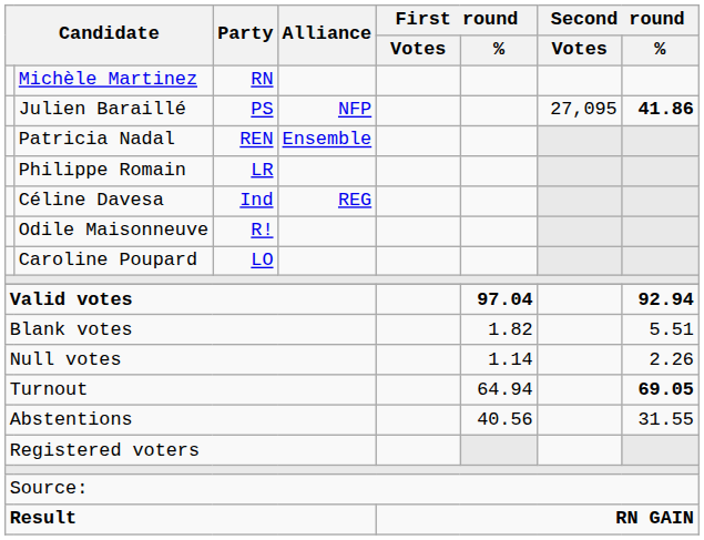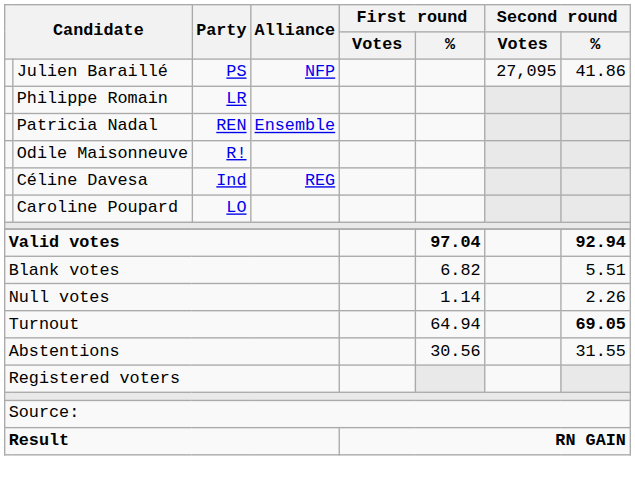 <table class="wikitable" style="text-align:right;font-size:95%;">
 <tr>
 <th colspan="2" rowspan="2">Candidate</th>
 <th colspan="1" rowspan="2">Party</th>
 <th colspan="1" rowspan="2">Alliance</th>
 <th colspan="2">First round</th>
 <th colspan="2">Second round</th>
 </tr>
 <tr>
 <th style="width:50px;">Votes</th>
 <th style="width:45px;">%</th>
 <th style="width:50px;">Votes</th>
 <th style="width:45px;">%</th>
 </tr>
 <tr>
 <td style="color:inherit;background:"></td>
-<td style="text-align:left;"><a href='#'>Michèle Martinez</a></td>
-<td><a href='#'>RN</a></td>
-<td></td>
-<td></td>
-<td></td>
-<td><strong></strong></td>
-<td><strong></strong></td>
-</tr>
-<tr>
-<td style="color:inherit;background:"></td>
 <td style="text-align:left;">Julien Baraillé</td>
 <td><a href='#'>PS</a></td>
 <td><a href='#'>NFP</a></td>
 <td></td>
 <td></td>
 <td>27,095</td>
-<td><strong>41.86</strong></td>
+<td>41.86</td>
+</tr>
+<tr>
+<td style="color:inherit;background:"></td>
+<td style="text-align:left;">Philippe Romain</td>
+<td><a href='#'>LR</a></td>
+<td></td>
+<td></td>
+<td></td>
+<td style="background:#E9E9E9;"></td>
+<td style="background:#E9E9E9;"></td>
 </tr>
 <tr>
 <td style="color:inherit;background:"></td>
 <td style="text-align:left;">Patricia Nadal</td>
 <td><a href='#'>REN</a></td>
 <td><a href='#'>Ensemble</a></td>
 <td></td>
 <td></td>
 <td style="background:#E9E9E9;"></td>
 <td style="background:#E9E9E9;"></td>
 </tr>
 <tr>
 <td style="color:inherit;background:"></td>
-<td style="text-align:left;">Philippe Romain</td>
-<td><a href='#'>LR</a></td>
+<td style="text-align:left;">Odile Maisonneuve</td>
+<td><a href='#'>R!</a></td>
 <td></td>
 <td></td>
 <td></td>
 <td style="background:#E9E9E9;"></td>
 <td style="background:#E9E9E9;"></td>
 </tr>
 <tr>
 <td style="color:inherit;background:"></td>
 <td style="text-align:left;">Céline Davesa</td>
 <td><a href='#'>Ind</a></td>
 <td><a href='#'>REG</a></td>
-<td></td>
-<td></td>
-<td style="background:#E9E9E9;"></td>
-<td style="background:#E9E9E9;"></td>
-</tr>
-<tr>
-<td style="color:inherit;background:"></td>
-<td style="text-align:left;">Odile Maisonneuve</td>
-<td><a href='#'>R!</a></td>
-<td></td>
 <td></td>
 <td></td>
 <td style="background:#E9E9E9;"></td>
 <td style="background:#E9E9E9;"></td>
 </tr>
 <tr>
 <td style="color:inherit;background:"></td>
 <td style="text-align:left;">Caroline Poupard</td>
 <td><a href='#'>LO</a></td>
 <td></td>
 <td></td>
 <td></td>
 <td style="background:#E9E9E9;"></td>
 <td style="background:#E9E9E9;"></td>
 </tr>
 <tr>
 <td colspan="8" style="background:#E9E9E9;"></td>
 </tr>
 <tr>
 </tr>
 <tr style="font-weight:bold;">
 <td colspan="4" style="text-align:left;">Valid votes</td>
 <td></td>
 <td>97.04</td>
 <td></td>
 <td>92.94</td>
 </tr>
 <tr>
 <td colspan="4" style="text-align:left;">Blank votes</td>
 <td></td>
-<td>1.82</td>
+<td>6.82</td>
 <td></td>
 <td>5.51</td>
 </tr>
 <tr>
 <td colspan="4" style="text-align:left;">Null votes</td>
 <td></td>
 <td>1.14</td>
 <td></td>
 <td>2.26</td>
 </tr>
 <tr>
 <td colspan="4" style="text-align:left;">Turnout</td>
 <td></td>
 <td>64.94</td>
 <td></td>
 <td><strong>69.05</strong></td>
 </tr>
 <tr>
 <td colspan="4" style="text-align:left;">Abstentions</td>
 <td></td>
-<td>40.56</td>
+<td>30.56</td>
 <td></td>
 <td>31.55</td>
 </tr>
 <tr>
 <td colspan="4" style="text-align:left;">Registered voters</td>
 <td></td>
 <td style="background:#E9E9E9;"></td>
 <td></td>
 <td style="background:#E9E9E9;"></td>
 </tr>
 <tr>
 <td colspan="8" style="background:#E9E9E9;"></td>
 </tr>
 <tr>
 <td colspan="8" style="text-align:left;">Source: </td>
 </tr>
 <tr style="font-weight:bold">
 <td colspan="4" style="text-align:left;">Result</td>
 <td colspan="4" style="background-color:">RN GAIN</td>
 </tr>
 </table>
